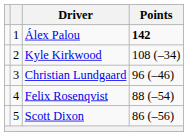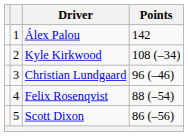 <table class="wikitable" style="font-size: 95%;">
 <tr>
 <th scope="col"></th>
 <th scope="col"></th>
 <th scope="col">Driver</th>
 <th scope="col">Points</th>
 </tr>
 <tr>
 <td align="left"></td>
 <td align="center">1</td>
 <td> <a href='#'>Álex Palou</a></td>
-<td align="left"><strong>142</strong></td>
+<td align="left">142</td>
 </tr>
 <tr>
 <td align="left"></td>
 <td align="center">2</td>
 <td> <a href='#'>Kyle Kirkwood</a></td>
 <td align="left">108 (–34)</td>
 </tr>
 <tr>
 <td align="left"></td>
 <td align="center">3</td>
 <td> <a href='#'>Christian Lundgaard</a></td>
 <td align="left">96 (–46)</td>
 </tr>
 <tr>
 <td align="left"></td>
 <td align="center">4</td>
 <td> <a href='#'>Felix Rosenqvist</a></td>
 <td align="left">88 (–54)</td>
 </tr>
 <tr>
 <td align="left"></td>
 <td align="center">5</td>
 <td> <a href='#'>Scott Dixon</a></td>
 <td align="left">86 (–56)</td>
 </tr>
 <tr>
 <th colspan=4></th>
 </tr>
 </table>
